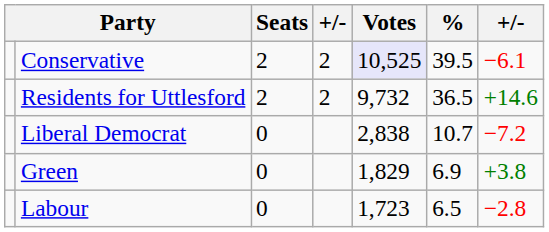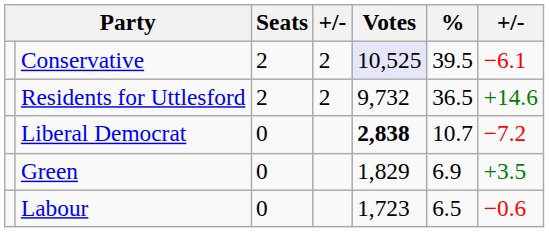 <table class="wikitable sortable">
 <tr>
 <th colspan="2">Party</th>
 <th>Seats</th>
 <th>+/-</th>
 <th>Votes</th>
 <th>%</th>
 <th>+/-</th>
 </tr>
 <tr>
 <td style="background-color: "></td>
 <td><a href='#'>Conservative</a></td>
 <td>2</td>
 <td> 2</td>
 <td style="background: lavender;">10,525</td>
 <td>39.5</td>
 <td style="color:red">−6.1</td>
 </tr>
 <tr>
 <td style="background-color: "></td>
 <td><a href='#'>Residents for Uttlesford</a></td>
 <td>2</td>
 <td> 2</td>
 <td>9,732</td>
 <td>36.5</td>
 <td style="color:green">+14.6</td>
 </tr>
 <tr>
 <td style="background-color: "></td>
 <td><a href='#'>Liberal Democrat</a></td>
 <td>0</td>
 <td></td>
-<td>2,838</td>
+<td><strong>2,838</strong></td>
 <td>10.7</td>
 <td style="color:red">−7.2</td>
 </tr>
 <tr>
 <td style="background-color: "></td>
 <td><a href='#'>Green</a></td>
 <td>0</td>
 <td></td>
 <td>1,829</td>
 <td>6.9</td>
-<td style="color:green">+3.8</td>
+<td style="color:green">+3.5</td>
 </tr>
 <tr>
 <td style="background-color: "></td>
 <td><a href='#'>Labour</a></td>
 <td>0</td>
 <td></td>
 <td>1,723</td>
 <td>6.5</td>
-<td style="color:red">−2.8</td>
+<td style="color:red">−0.6</td>
 </tr>
 </table>
